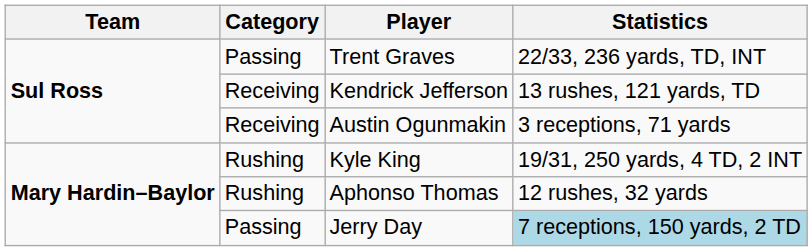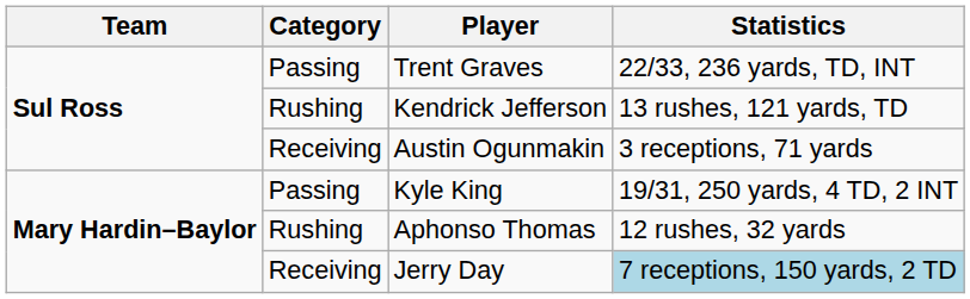 <table class="wikitable" style="float: right;">
 <tr>
 <th>Team</th>
 <th>Category</th>
 <th>Player</th>
 <th>Statistics</th>
 </tr>
 <tr>
 <td rowspan=3><strong>Sul Ross</strong></td>
 <td>Passing</td>
 <td>Trent Graves</td>
 <td>22/33, 236 yards, TD, INT</td>
 </tr>
 <tr>
-<td>Receiving</td>
+<td>Rushing</td>
 <td>Kendrick Jefferson</td>
 <td>13 rushes, 121 yards, TD</td>
 </tr>
 <tr>
 <td>Receiving</td>
 <td>Austin Ogunmakin</td>
 <td>3 receptions, 71 yards</td>
 </tr>
 <tr>
 <td rowspan=3><strong>Mary Hardin–Baylor</strong></td>
-<td>Rushing</td>
+<td>Passing</td>
 <td>Kyle King</td>
 <td>19/31, 250 yards, 4 TD, 2 INT</td>
 </tr>
 <tr>
 <td>Rushing</td>
 <td>Aphonso Thomas</td>
 <td>12 rushes, 32 yards</td>
 </tr>
 <tr>
-<td>Passing</td>
+<td>Receiving</td>
 <td>Jerry Day</td>
 <td style="background: lightblue;">7 receptions, 150 yards, 2 TD</td>
 </tr>
 </table>
